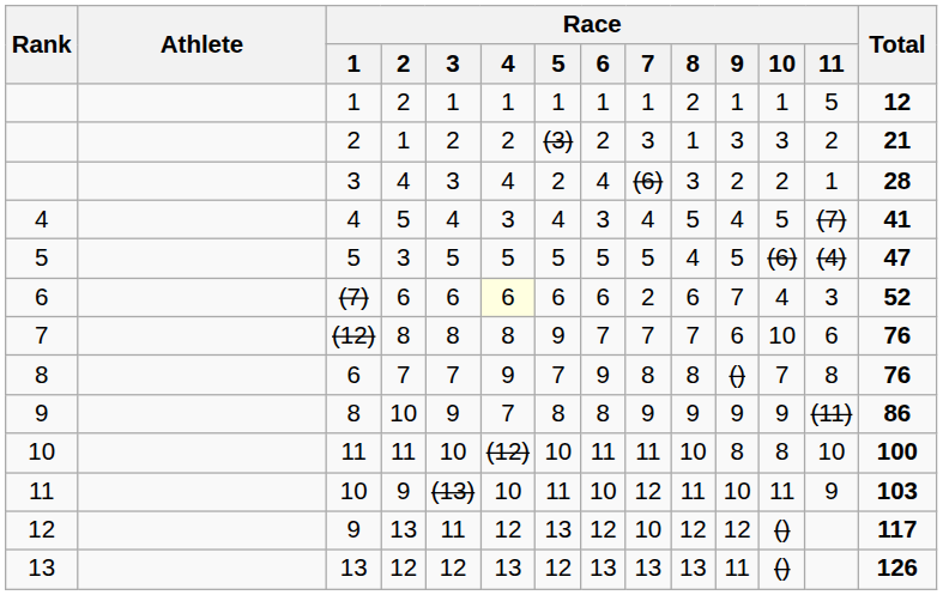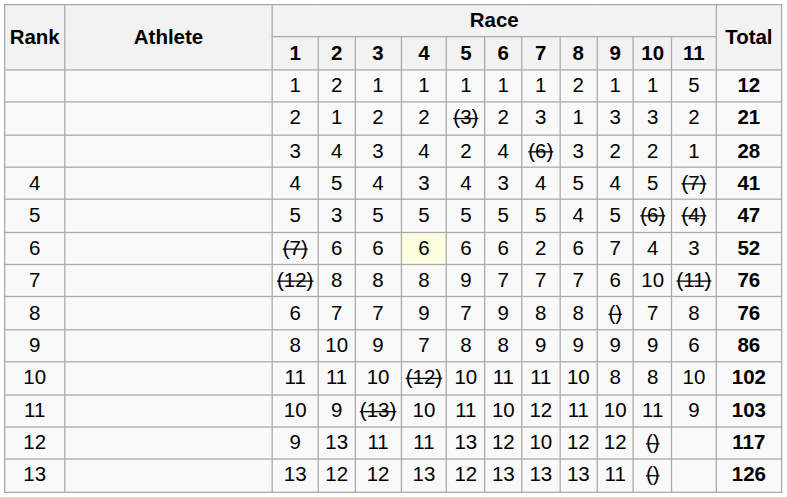 <table | class="wikitable" style="text-align:center">
 <tr>
 <th rowspan="2" width=40>Rank</th>
 <th rowspan="2" width=250>Athlete</th>
 <th colspan="11">Race</th>
 <th rowspan="2" width=50>Total</th>
 </tr>
 <tr>
 <th width=25>1</th>
 <th width=25>2</th>
 <th width=25>3</th>
 <th width=25>4</th>
 <th width=25>5</th>
 <th width=25>6</th>
 <th width=25>7</th>
 <th width=25>8</th>
 <th width=25>9</th>
 <th width=25>10</th>
 <th width=25>11</th>
 </tr>
 <tr>
 <td></td>
 <td align=left></td>
 <td>1</td>
 <td>2</td>
 <td>1</td>
 <td>1</td>
 <td>1</td>
 <td>1</td>
 <td>1</td>
 <td>2</td>
 <td>1</td>
 <td>1</td>
 <td>5</td>
 <td><strong>12</strong></td>
 </tr>
 <tr>
 <td></td>
 <td align=left></td>
 <td>2</td>
 <td>1</td>
 <td>2</td>
 <td>2</td>
 <td><s>(3)</s></td>
 <td>2</td>
 <td>3</td>
 <td>1</td>
 <td>3</td>
 <td>3</td>
 <td>2</td>
 <td><strong>21</strong></td>
 </tr>
 <tr>
 <td></td>
 <td align=left></td>
 <td>3</td>
 <td>4</td>
 <td>3</td>
 <td>4</td>
 <td>2</td>
 <td>4</td>
 <td><s>(6)</s></td>
 <td>3</td>
 <td>2</td>
 <td>2</td>
 <td>1</td>
 <td><strong>28</strong></td>
 </tr>
 <tr>
 <td>4</td>
 <td align=left></td>
 <td>4</td>
 <td>5</td>
 <td>4</td>
 <td>3</td>
 <td>4</td>
 <td>3</td>
 <td>4</td>
 <td>5</td>
 <td>4</td>
 <td>5</td>
 <td><s>(7)</s></td>
 <td><strong>41</strong></td>
 </tr>
 <tr>
 <td>5</td>
 <td align=left></td>
 <td>5</td>
 <td>3</td>
 <td>5</td>
 <td>5</td>
 <td>5</td>
 <td>5</td>
 <td>5</td>
 <td>4</td>
 <td>5</td>
 <td><s>(6)</s></td>
 <td><s>(4)</s></td>
 <td><strong>47</strong></td>
 </tr>
 <tr>
 <td>6</td>
 <td align=left></td>
 <td><s>(7)</s></td>
 <td>6</td>
 <td>6</td>
 <td style="background: lightyellow;">6</td>
 <td>6</td>
 <td>6</td>
 <td>2</td>
 <td>6</td>
 <td>7</td>
 <td>4</td>
 <td>3</td>
 <td><strong>52</strong></td>
 </tr>
 <tr>
 <td>7</td>
 <td align=left></td>
 <td><s>(12)</s></td>
 <td>8</td>
 <td>8</td>
 <td>8</td>
 <td>9</td>
 <td>7</td>
 <td>7</td>
 <td>7</td>
 <td>6</td>
 <td>10</td>
-<td>6</td>
+<td><s>(11)</s></td>
 <td><strong>76</strong></td>
 </tr>
 <tr>
 <td>8</td>
 <td align=left></td>
 <td>6</td>
 <td>7</td>
 <td>7</td>
 <td>9</td>
 <td>7</td>
 <td>9</td>
 <td>8</td>
 <td>8</td>
 <td><s>()</s></td>
 <td>7</td>
 <td>8</td>
 <td><strong>76</strong></td>
 </tr>
 <tr>
 <td>9</td>
 <td align=left></td>
 <td>8</td>
 <td>10</td>
 <td>9</td>
 <td>7</td>
 <td>8</td>
 <td>8</td>
 <td>9</td>
 <td>9</td>
 <td>9</td>
 <td>9</td>
-<td><s>(11)</s></td>
+<td>6</td>
 <td><strong>86</strong></td>
 </tr>
 <tr>
 <td>10</td>
 <td align=left></td>
 <td>11</td>
 <td>11</td>
 <td>10</td>
 <td><s>(12)</s></td>
 <td>10</td>
 <td>11</td>
 <td>11</td>
 <td>10</td>
 <td>8</td>
 <td>8</td>
 <td>10</td>
-<td><strong>100</strong></td>
+<td><strong>102</strong></td>
 </tr>
 <tr>
 <td>11</td>
 <td align=left></td>
 <td>10</td>
 <td>9</td>
 <td><s>(13)</s></td>
 <td>10</td>
 <td>11</td>
 <td>10</td>
 <td>12</td>
 <td>11</td>
 <td>10</td>
 <td>11</td>
 <td>9</td>
 <td><strong>103</strong></td>
 </tr>
 <tr>
 <td>12</td>
 <td align=left></td>
 <td>9</td>
 <td>13</td>
 <td>11</td>
-<td>12</td>
+<td>11</td>
 <td>13</td>
 <td>12</td>
 <td>10</td>
 <td>12</td>
 <td>12</td>
 <td><s>()</s></td>
 <td></td>
 <td><strong>117</strong></td>
 </tr>
 <tr>
 <td>13</td>
 <td align=left></td>
 <td>13</td>
 <td>12</td>
 <td>12</td>
 <td>13</td>
 <td>12</td>
 <td>13</td>
 <td>13</td>
 <td>13</td>
 <td>11</td>
 <td><s>()</s></td>
 <td></td>
 <td><strong>126</strong></td>
 </tr>
 </table>
